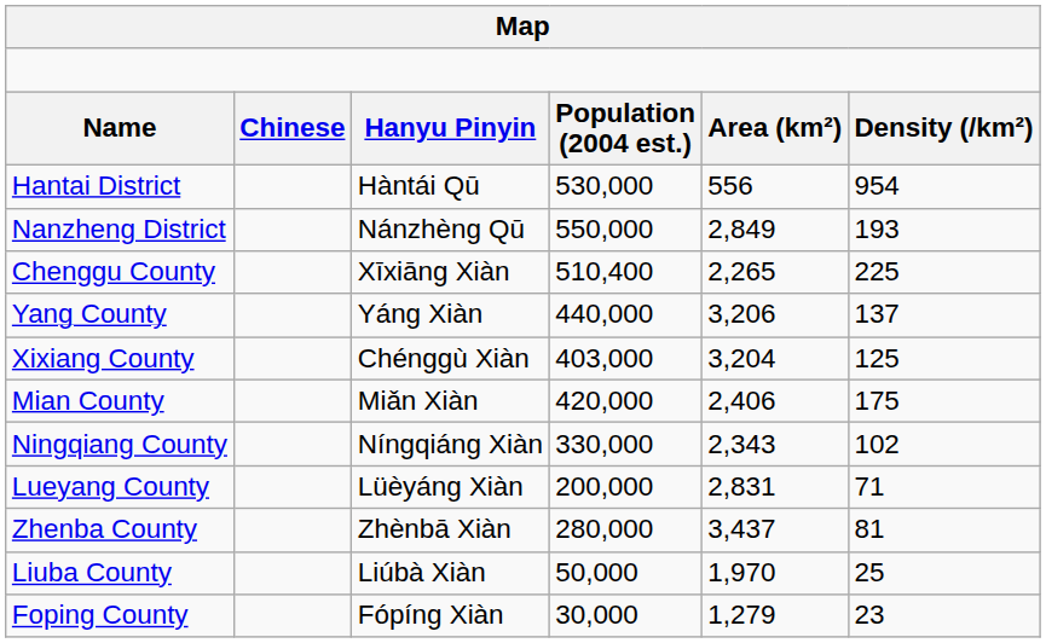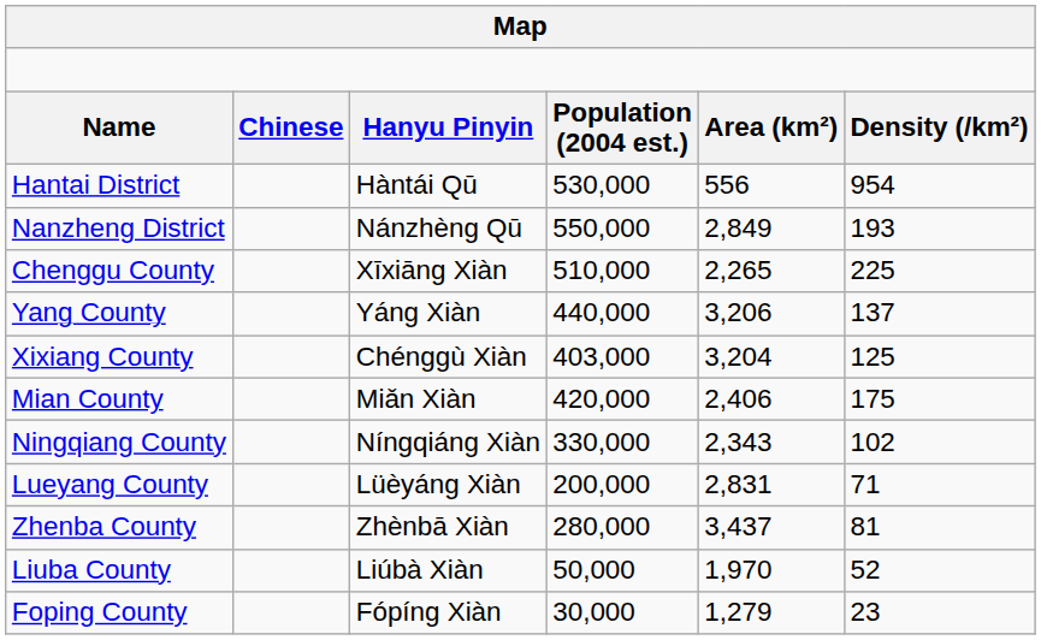 <table class="wikitable"  style="font-size:100%;" align=center>
 <tr>
 <th colspan="6" align="center">Map</th>
 </tr>
 <tr>
 <td colspan="6" align="center"><div><br>              </div></td>
 </tr>
 <tr>
 <th>Name</th>
 <th><a href='#'>Chinese</a></th>
 <th><a href='#'>Hanyu Pinyin</a></th>
 <th>Population<br>(2004 est.)</th>
 <th>Area (km²)</th>
 <th>Density (/km²)</th>
 </tr>
 <tr>
 <td><a href='#'>Hantai District</a></td>
 <td></td>
 <td>Hàntái Qū</td>
 <td>530,000</td>
 <td>556</td>
 <td>954</td>
 </tr>
 <tr>
 <td><a href='#'>Nanzheng District</a></td>
 <td></td>
 <td>Nánzhèng Qū</td>
 <td>550,000</td>
 <td>2,849</td>
 <td>193</td>
 </tr>
 <tr>
 <td><a href='#'>Chenggu County</a></td>
 <td></td>
 <td>Xīxiāng Xiàn</td>
-<td>510,400</td>
+<td>510,000</td>
 <td>2,265</td>
 <td>225</td>
 </tr>
 <tr>
 <td><a href='#'>Yang County</a></td>
 <td></td>
 <td>Yáng Xiàn</td>
 <td>440,000</td>
 <td>3,206</td>
 <td>137</td>
 </tr>
 <tr>
 <td><a href='#'>Xixiang County</a></td>
 <td></td>
 <td>Chénggù Xiàn</td>
 <td>403,000</td>
 <td>3,204</td>
 <td>125</td>
 </tr>
 <tr>
 <td><a href='#'>Mian County</a></td>
 <td></td>
 <td>Miǎn Xiàn</td>
 <td>420,000</td>
 <td>2,406</td>
 <td>175</td>
 </tr>
 <tr>
 <td><a href='#'>Ningqiang County</a></td>
 <td></td>
 <td>Níngqiáng Xiàn</td>
 <td>330,000</td>
 <td>2,343</td>
 <td>102</td>
 </tr>
 <tr>
 <td><a href='#'>Lueyang County</a></td>
 <td></td>
 <td>Lüèyáng Xiàn</td>
 <td>200,000</td>
 <td>2,831</td>
 <td>71</td>
 </tr>
 <tr>
 <td><a href='#'>Zhenba County</a></td>
 <td></td>
 <td>Zhènbā Xiàn</td>
 <td>280,000</td>
 <td>3,437</td>
 <td>81</td>
 </tr>
 <tr>
 <td><a href='#'>Liuba County</a></td>
 <td></td>
 <td>Liúbà Xiàn</td>
 <td>50,000</td>
 <td>1,970</td>
-<td>25</td>
+<td>52</td>
 </tr>
 <tr>
 <td><a href='#'>Foping County</a></td>
 <td></td>
 <td>Fópíng Xiàn</td>
 <td>30,000</td>
 <td>1,279</td>
 <td>23</td>
 </tr>
 </table>
